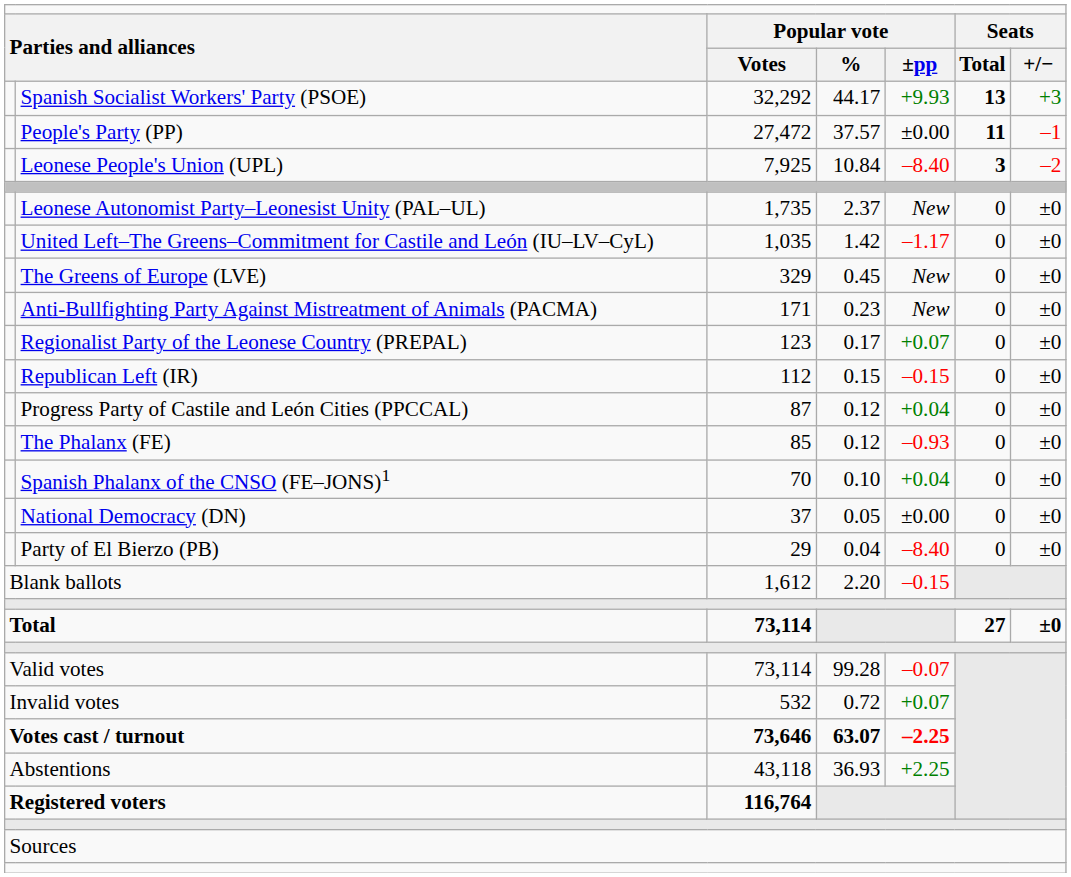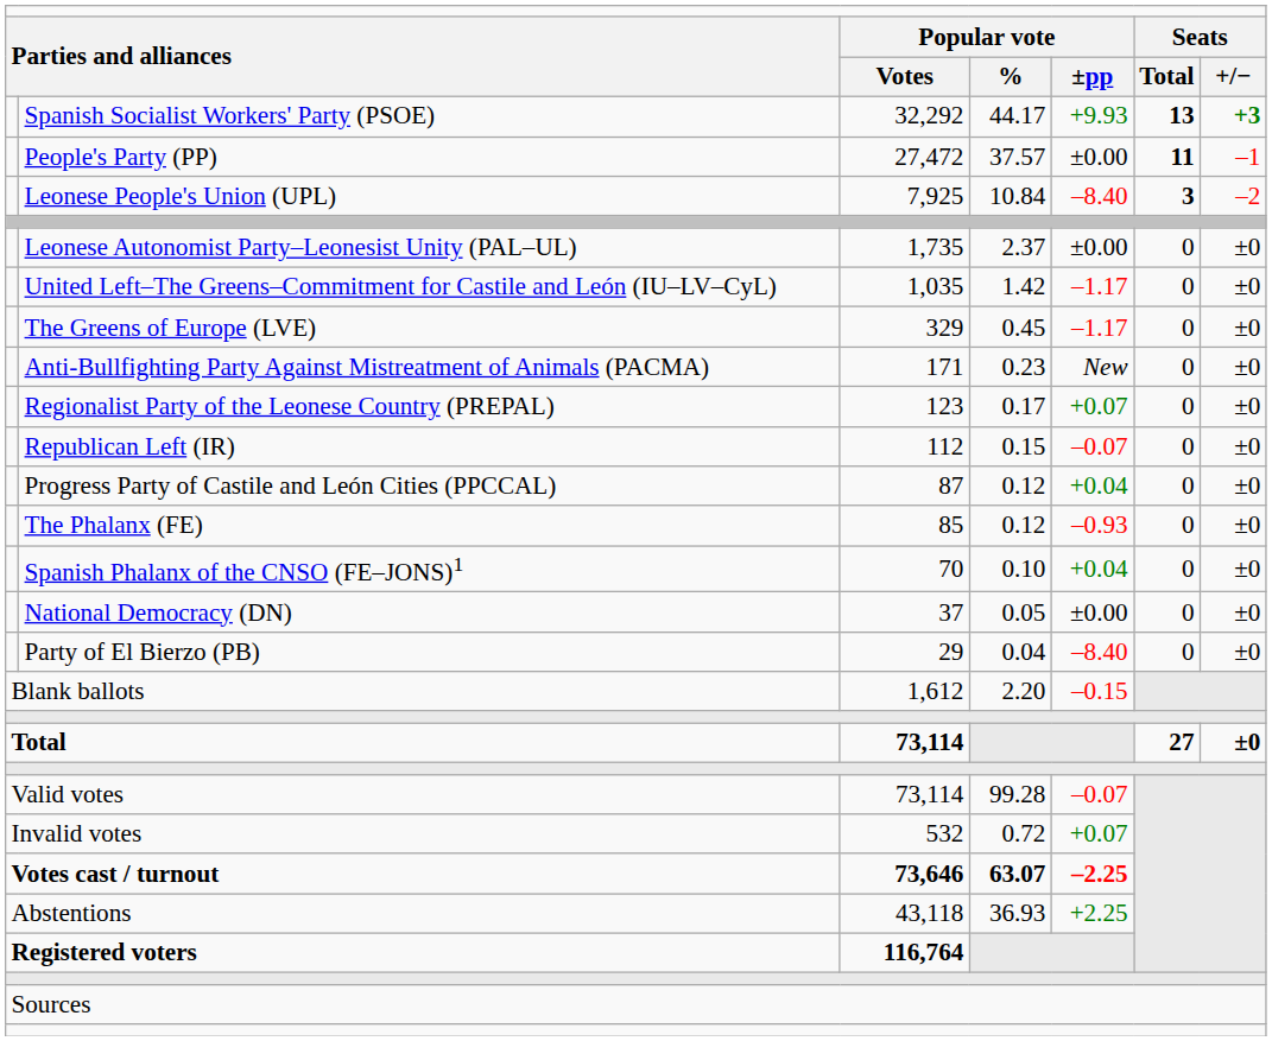 <table class="wikitable" style="text-align:right;">
 <tr>
 <td colspan="7"></td>
 </tr>
 <tr>
 <th style="text-align:left;" rowspan="2" colspan="2" width="525">Parties and alliances</th>
 <th colspan="3">Popular vote</th>
 <th colspan="2">Seats</th>
 </tr>
 <tr>
 <th width="75">Votes</th>
 <th width="45">%</th>
 <th width="45">±<a href='#'>pp</a></th>
 <th width="35">Total</th>
 <th width="35">+/−</th>
 </tr>
 <tr>
 <td width="1" style="color:inherit;background:"></td>
 <td align="left"><a href='#'>Spanish Socialist Workers' Party</a> (PSOE)</td>
 <td>32,292</td>
 <td>44.17</td>
 <td style="color:green;">+9.93</td>
 <td><strong>13</strong></td>
-<td style="color:green;">+3</td>
+<td style="color:green;"><strong>+3</strong></td>
 </tr>
 <tr>
 <td style="color:inherit;background:"></td>
 <td align="left"><a href='#'>People's Party</a> (PP)</td>
 <td>27,472</td>
 <td>37.57</td>
 <td>±0.00</td>
 <td><strong>11</strong></td>
 <td style="color:red;">–1</td>
 </tr>
 <tr>
 <td style="color:inherit;background:"></td>
 <td align="left"><a href='#'>Leonese People's Union</a> (UPL)</td>
 <td>7,925</td>
 <td>10.84</td>
 <td style="color:red;">–8.40</td>
 <td><strong>3</strong></td>
 <td style="color:red;">–2</td>
 </tr>
 <tr>
 <td colspan="7" bgcolor="#C0C0C0"></td>
 </tr>
 <tr>
 <td style="color:inherit;background:"></td>
 <td align="left"><a href='#'>Leonese Autonomist Party–Leonesist Unity</a> (PAL–UL)</td>
 <td>1,735</td>
 <td>2.37</td>
-<td><em>New</em></td>
+<td>±0.00</td>
 <td>0</td>
 <td>±0</td>
 </tr>
 <tr>
 <td style="color:inherit;background:"></td>
 <td align="left"><a href='#'>United Left–The Greens–Commitment for Castile and León</a> (IU–LV–CyL)</td>
 <td>1,035</td>
 <td>1.42</td>
 <td style="color:red;">–1.17</td>
 <td>0</td>
 <td>±0</td>
 </tr>
 <tr>
 <td style="color:inherit;background:"></td>
 <td align="left"><a href='#'>The Greens of Europe</a> (LVE)</td>
 <td>329</td>
 <td>0.45</td>
-<td><em>New</em></td>
+<td style="color:red;">–1.17</td>
 <td>0</td>
 <td>±0</td>
 </tr>
 <tr>
 <td style="color:inherit;background:"></td>
 <td align="left"><a href='#'>Anti-Bullfighting Party Against Mistreatment of Animals</a> (PACMA)</td>
 <td>171</td>
 <td>0.23</td>
 <td><em>New</em></td>
 <td>0</td>
 <td>±0</td>
 </tr>
 <tr>
 <td style="color:inherit;background:"></td>
 <td align="left"><a href='#'>Regionalist Party of the Leonese Country</a> (PREPAL)</td>
 <td>123</td>
 <td>0.17</td>
 <td style="color:green;">+0.07</td>
 <td>0</td>
 <td>±0</td>
 </tr>
 <tr>
 <td style="color:inherit;background:"></td>
 <td align="left"><a href='#'>Republican Left</a> (IR)</td>
 <td>112</td>
 <td>0.15</td>
-<td style="color:red;">–0.15</td>
+<td style="color:red;">–0.07</td>
 <td>0</td>
 <td>±0</td>
 </tr>
 <tr>
 <td style="color:inherit;background:"></td>
 <td align="left">Progress Party of Castile and León Cities (PPCCAL)</td>
 <td>87</td>
 <td>0.12</td>
 <td style="color:green;">+0.04</td>
 <td>0</td>
 <td>±0</td>
 </tr>
 <tr>
 <td style="color:inherit;background:"></td>
 <td align="left"><a href='#'>The Phalanx</a> (FE)</td>
 <td>85</td>
 <td>0.12</td>
 <td style="color:red;">–0.93</td>
 <td>0</td>
 <td>±0</td>
 </tr>
 <tr>
 <td style="color:inherit;background:"></td>
 <td align="left"><a href='#'>Spanish Phalanx of the CNSO</a> (FE–JONS)<sup>1</sup></td>
 <td>70</td>
 <td>0.10</td>
 <td style="color:green;">+0.04</td>
 <td>0</td>
 <td>±0</td>
 </tr>
 <tr>
 <td style="color:inherit;background:"></td>
 <td align="left"><a href='#'>National Democracy</a> (DN)</td>
 <td>37</td>
 <td>0.05</td>
 <td>±0.00</td>
 <td>0</td>
 <td>±0</td>
 </tr>
 <tr>
 <td style="color:inherit;background:"></td>
 <td align="left">Party of El Bierzo (PB)</td>
 <td>29</td>
 <td>0.04</td>
 <td style="color:red;">–8.40</td>
 <td>0</td>
 <td>±0</td>
 </tr>
 <tr>
 <td align="left" colspan="2">Blank ballots</td>
 <td>1,612</td>
 <td>2.20</td>
 <td style="color:red;">–0.15</td>
 <td bgcolor="#E9E9E9" colspan="2"></td>
 </tr>
 <tr>
 <td colspan="7" bgcolor="#E9E9E9"></td>
 </tr>
 <tr style="font-weight:bold;">
 <td align="left" colspan="2">Total</td>
 <td>73,114</td>
 <td bgcolor="#E9E9E9" colspan="2"></td>
 <td>27</td>
 <td>±0</td>
 </tr>
 <tr>
 <td colspan="7" bgcolor="#E9E9E9"></td>
 </tr>
 <tr>
 <td align="left" colspan="2">Valid votes</td>
 <td>73,114</td>
 <td>99.28</td>
 <td style="color:red;">–0.07</td>
 <td bgcolor="#E9E9E9" colspan="2" rowspan="5"></td>
 </tr>
 <tr>
 <td align="left" colspan="2">Invalid votes</td>
 <td>532</td>
 <td>0.72</td>
 <td style="color:green;">+0.07</td>
 </tr>
 <tr style="font-weight:bold;">
 <td align="left" colspan="2">Votes cast / turnout</td>
 <td>73,646</td>
 <td>63.07</td>
 <td style="color:red;">–2.25</td>
 </tr>
 <tr>
 <td align="left" colspan="2">Abstentions</td>
 <td>43,118</td>
 <td>36.93</td>
 <td style="color:green;">+2.25</td>
 </tr>
 <tr style="font-weight:bold;">
 <td align="left" colspan="2">Registered voters</td>
 <td>116,764</td>
 <td bgcolor="#E9E9E9" colspan="2"></td>
 </tr>
 <tr>
 <td colspan="7" bgcolor="#E9E9E9"></td>
 </tr>
 <tr>
 <td align="left" colspan="7">Sources</td>
 </tr>
 <tr>
 <td colspan="7" style="text-align:left; max-width:790px;"></td>
 </tr>
 </table>
